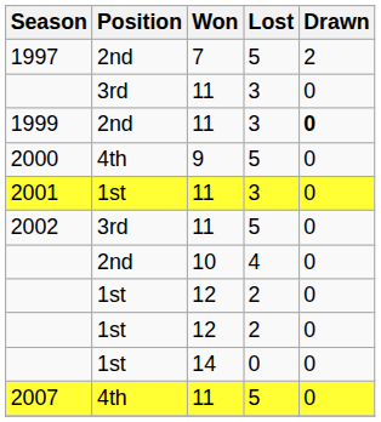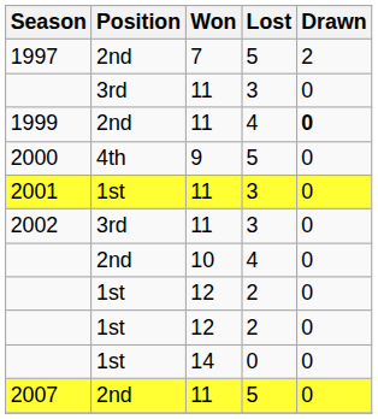 <table class="wikitable collapsible">
 <tr>
 <th>Season</th>
 <th>Position</th>
 <th>Won</th>
 <th>Lost</th>
 <th>Drawn</th>
 </tr>
 <tr>
 <td>1997</td>
 <td>2nd</td>
 <td>7</td>
 <td>5</td>
 <td>2</td>
 </tr>
 <tr style="background-color:#">
 <td></td>
 <td>3rd</td>
 <td>11</td>
 <td>3</td>
 <td>0</td>
 </tr>
 <tr>
 <td>1999</td>
 <td>2nd</td>
 <td>11</td>
-<td>3</td>
+<td>4</td>
 <td><strong>0</strong></td>
 </tr>
 <tr>
 <td>2000</td>
 <td>4th</td>
 <td>9</td>
 <td>5</td>
 <td>0</td>
 </tr>
 <tr style="background-color:#FFFF33">
 <td>2001</td>
 <td>1st</td>
 <td>11</td>
 <td>3</td>
 <td>0</td>
 </tr>
 <tr>
 <td>2002</td>
 <td>3rd</td>
 <td>11</td>
-<td>5</td>
+<td>3</td>
 <td>0</td>
 </tr>
 <tr style="background-color:#">
 <td></td>
 <td>2nd</td>
 <td>10</td>
 <td>4</td>
 <td>0</td>
 </tr>
 <tr style="background-color:#">
 <td></td>
 <td>1st</td>
 <td>12</td>
 <td>2</td>
 <td>0</td>
 </tr>
 <tr style="background-color:#">
 <td></td>
 <td>1st</td>
 <td>12</td>
 <td>2</td>
 <td>0</td>
 </tr>
 <tr style="background-color:#">
 <td></td>
 <td>1st</td>
 <td>14</td>
 <td>0</td>
 <td>0</td>
 </tr>
 <tr style="background-color:#FFFF33">
 <td>2007</td>
-<td>4th</td>
+<td>2nd</td>
 <td>11</td>
 <td>5</td>
 <td>0</td>
 </tr>
 <tr>
 </tr>
 </table>
